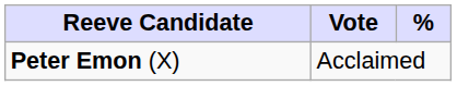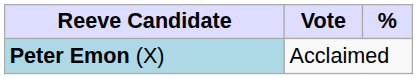 <table class="wikitable">
 <tr>
 <th style="background:#ddf; width:200px;">Reeve Candidate</th>
 <th style="background:#ddf; width:50px;">Vote</th>
 <th style="background:#ddf; width:30px;">%</th>
 </tr>
 <tr>
-<td><strong>Peter Emon</strong> (X)</td>
+<td style="background: lightblue;"><strong>Peter Emon</strong> (X)</td>
 <td colspan="2">Acclaimed</td>
 </tr>
 </table>
